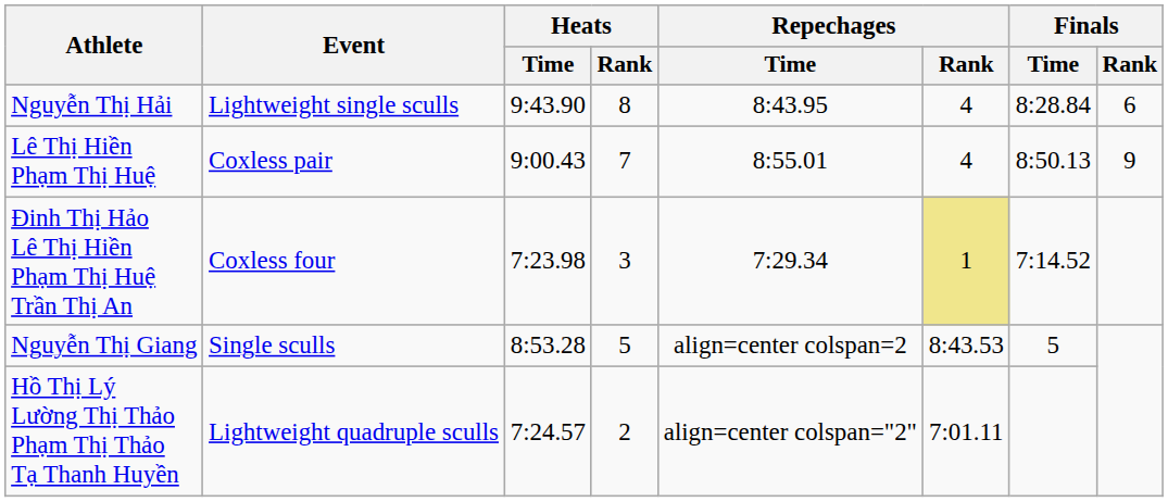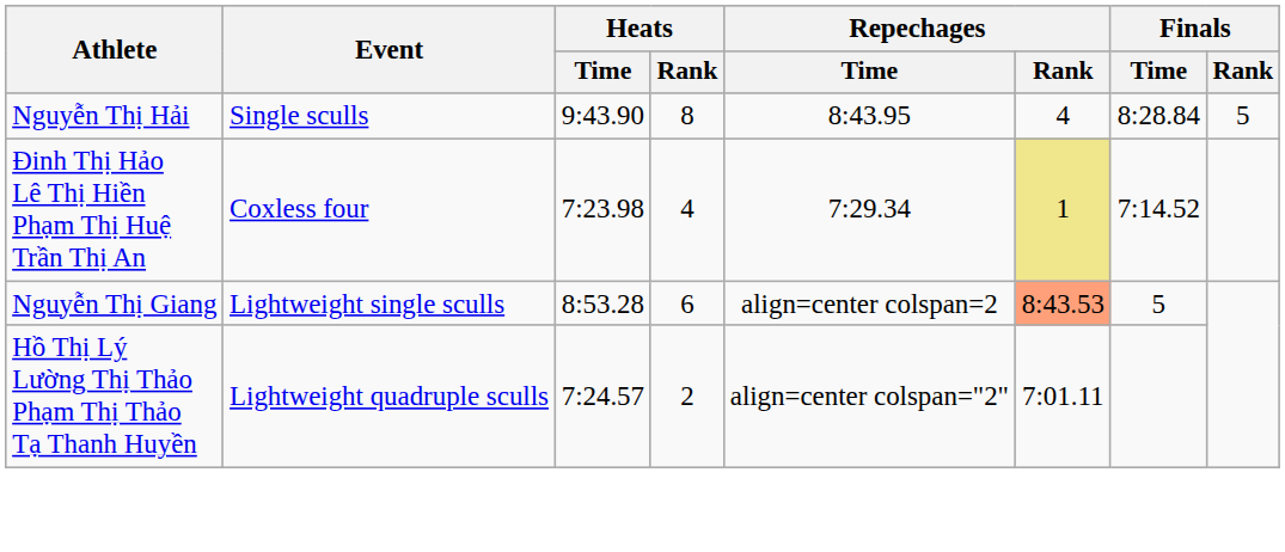 <table class="wikitable" style="font-size:90%">
 <tr>
 <th rowspan="2">Athlete</th>
 <th rowspan="2">Event</th>
 <th colspan="2">Heats</th>
 <th colspan="2">Repechages</th>
 <th colspan="2">Finals</th>
 </tr>
 <tr style="font-size:95%">
 <th>Time</th>
 <th>Rank</th>
 <th>Time</th>
 <th>Rank</th>
 <th>Time</th>
 <th>Rank</th>
 </tr>
 <tr align=center>
 <td align=left><a href='#'>Nguyễn Thị Hải</a></td>
-<td align=left><a href='#'>Lightweight single sculls</a></td>
+<td align=left><a href='#'>Single sculls</a></td>
 <td>9:43.90</td>
 <td>8 <strong></strong></td>
 <td>8:43.95</td>
 <td>4 <strong></strong></td>
 <td>8:28.84</td>
-<td>6</td>
-</tr>
-<tr align=center>
-<td align=left><a href='#'>Lê Thị Hiền</a><br><a href='#'>Phạm Thị Huệ</a></td>
-<td align=left><a href='#'>Coxless pair</a></td>
-<td>9:00.43</td>
-<td>7 <strong></strong></td>
-<td>8:55.01</td>
-<td>4 <strong></strong></td>
-<td>8:50.13</td>
-<td>9</td>
+<td>5</td>
 </tr>
 <tr align=center>
 <td align=left><a href='#'>Đinh Thị Hảo</a><br><a href='#'>Lê Thị Hiền</a><br><a href='#'>Phạm Thị Huệ</a><br><a href='#'>Trần Thị An</a></td>
 <td align=left><a href='#'>Coxless four</a></td>
 <td>7:23.98</td>
-<td>3 <strong></strong></td>
+<td>4 <strong></strong></td>
 <td>7:29.34</td>
 <td style="background: khaki;">1 <strong></strong></td>
 <td>7:14.52</td>
 <td></td>
 </tr>
 <tr align=center>
 <td align=left><a href='#'>Nguyễn Thị Giang</a></td>
-<td align=left><a href='#'>Single sculls</a></td>
+<td align=left><a href='#'>Lightweight single sculls</a></td>
 <td>8:53.28</td>
-<td>5 <strong></strong></td>
+<td>6 <strong></strong></td>
 <td>align=center colspan=2</td>
-<td>8:43.53</td>
+<td style="background: lightsalmon;">8:43.53</td>
 <td>5</td>
 </tr>
 <tr align=center>
 <td align=left><a href='#'>Hồ Thị Lý</a><br><a href='#'>Lường Thị Thảo</a><br><a href='#'>Phạm Thị Thảo</a><br><a href='#'>Tạ Thanh Huyền</a></td>
 <td align=left><a href='#'>Lightweight quadruple sculls</a></td>
 <td>7:24.57</td>
 <td>2 <strong></strong></td>
 <td>align=center colspan="2" </td>
 <td>7:01.11</td>
 <td></td>
 </tr>
 </table>
